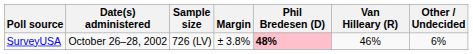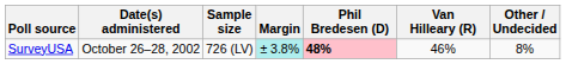 <table class="wikitable" style="font-size:90%">
 <tr valign=bottom>
 <th>Poll source</th>
 <th>Date(s)<br>administered</th>
 <th>Sample<br>size</th>
 <th>Margin<br></th>
 <th style="width:100px;">Phil<br>Bredesen (D)</th>
 <th style="width:100px;">Van<br>Hilleary (R)</th>
 <th>Other /<br>Undecided</th>
 </tr>
 <tr>
 <td><a href='#'>SurveyUSA</a></td>
 <td align=center>October 26–28, 2002</td>
 <td align=center>726 (LV)</td>
-<td align=center>± 3.8%</td>
+<td align=center style="background: paleturquoise;">± 3.8%</td>
 <td style="background: pink;"><strong>48%</strong></td>
 <td align=center>46%</td>
-<td align=center>6%</td>
+<td align=center>8%</td>
 </tr>
 </table>
